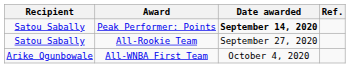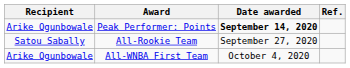 <table class="wikitable sortable sortable" style="text-align: center">
 <tr>
 <th>Recipient</th>
 <th>Award</th>
 <th>Date awarded</th>
 <th>Ref.</th>
 </tr>
 <tr>
-<td><a href='#'>Satou Sabally</a></td>
+<td><a href='#'>Arike Ogunbowale</a></td>
 <td><a href='#'>Peak Performer: Points</a></td>
 <td><strong>September 14, 2020</strong></td>
 <td></td>
 </tr>
 <tr>
 <td><a href='#'>Satou Sabally</a></td>
 <td><a href='#'>All-Rookie Team</a></td>
 <td>September 27, 2020</td>
 <td></td>
 </tr>
 <tr>
 <td><a href='#'>Arike Ogunbowale</a></td>
 <td><a href='#'>All-WNBA First Team</a></td>
 <td>October 4, 2020</td>
 <td></td>
 </tr>
 </table>
